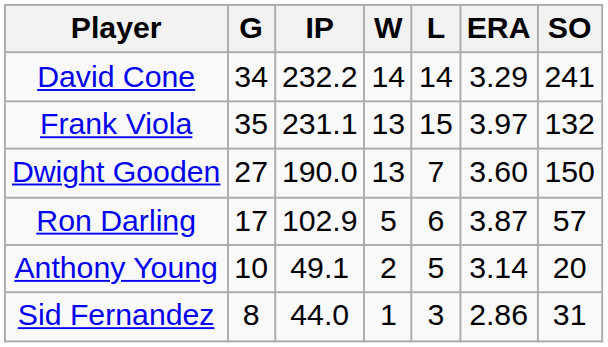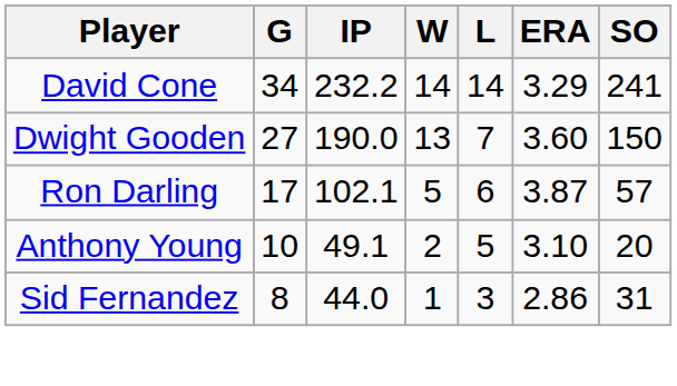 <table class="wikitable sortable">
 <tr>
 <th>Player</th>
 <th>G</th>
 <th>IP</th>
 <th>W</th>
 <th>L</th>
 <th>ERA</th>
 <th>SO</th>
 </tr>
 <tr align="center">
 <td><a href='#'>David Cone</a></td>
 <td>34</td>
 <td>232.2</td>
 <td>14</td>
 <td>14</td>
 <td>3.29</td>
 <td>241</td>
 </tr>
 <tr align=center>
-<td><a href='#'>Frank Viola</a></td>
-<td>35</td>
-<td>231.1</td>
-<td>13</td>
-<td>15</td>
-<td>3.97</td>
-<td>132</td>
-</tr>
-<tr align=center>
 <td><a href='#'>Dwight Gooden</a></td>
 <td>27</td>
 <td>190.0</td>
 <td>13</td>
 <td>7</td>
 <td>3.60</td>
 <td>150</td>
 </tr>
 <tr align=center>
 <td><a href='#'>Ron Darling</a></td>
 <td>17</td>
-<td>102.9</td>
+<td>102.1</td>
 <td>5</td>
 <td>6</td>
 <td>3.87</td>
 <td>57</td>
 </tr>
 <tr align=center>
 <td><a href='#'>Anthony Young</a></td>
 <td>10</td>
 <td>49.1</td>
 <td>2</td>
 <td>5</td>
-<td>3.14</td>
+<td>3.10</td>
 <td>20</td>
 </tr>
 <tr align=center>
 <td><a href='#'>Sid Fernandez</a></td>
 <td>8</td>
 <td>44.0</td>
 <td>1</td>
 <td>3</td>
 <td>2.86</td>
 <td>31</td>
 </tr>
 </table>
